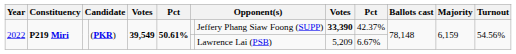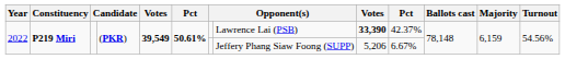 <table class="wikitable" style="margin:0.5em ; font-size:95%">
 <tr>
 <th>Year</th>
 <th>Constituency</th>
 <th colspan=2>Candidate</th>
 <th>Votes</th>
 <th>Pct</th>
 <th colspan=2>Opponent(s)</th>
 <th>Votes</th>
 <th>Pct</th>
 <th>Ballots cast</th>
 <th>Majority</th>
 <th>Turnout</th>
 </tr>
 <tr>
 <td rowspan="2"><a href='#'>2022</a></td>
 <td rowspan="2"><strong>P219 <a href='#'>Miri</a></strong></td>
 <td rowspan="2" ></td>
 <td rowspan="2"><strong></strong> (<a href='#'><strong>PKR</strong></a>)</td>
 <td rowspan="2" align="right"><strong>39,549</strong></td>
 <td rowspan="2"><strong>50.61%</strong></td>
 <td></td>
-<td>Jeffery Phang Siaw Foong (<a href='#'>SUPP</a>)</td>
+<td>Lawrence Lai (<a href='#'>PSB</a>)</td>
 <td align="right"><strong>33,390</strong></td>
 <td>42.37%</td>
 <td rowspan="2">78,148</td>
 <td rowspan="2">6,159</td>
 <td rowspan="2">54.56%</td>
 </tr>
 <tr>
 <td style="background-color:"></td>
-<td>Lawrence Lai (<a href='#'>PSB</a>)</td>
-<td align="right">5,209</td>
+<td>Jeffery Phang Siaw Foong (<a href='#'>SUPP</a>)</td>
+<td align="right">5,206</td>
 <td>6.67%</td>
 </tr>
 </table>
